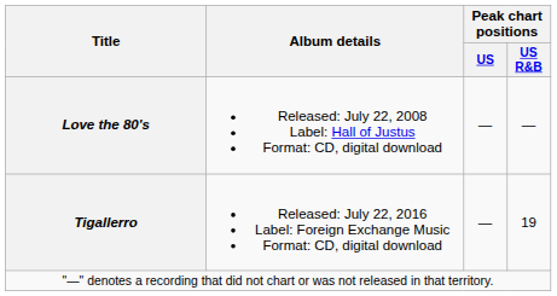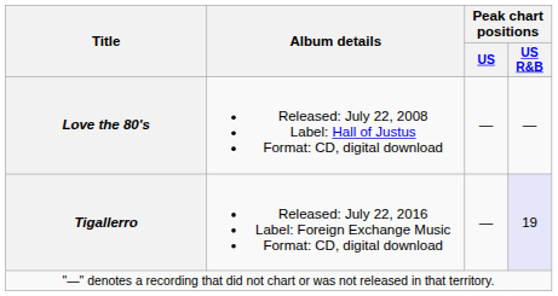 <table class="wikitable plainrowheaders" style="text-align:center;">
 <tr>
 <th scope="col" rowspan="2" style="width:14em;">Title</th>
 <th scope="col" rowspan="2" style="width:18em;">Album details</th>
 <th scope="col" colspan="2" style="width:5em;">Peak chart positions</th>
 </tr>
 <tr>
 <th scope="col" style="width:3em;font-size:90%;"><a href='#'>US</a><br></th>
 <th scope="col" style="width:3em;font-size:90%;"><a href='#'>US<br>R&B</a><br></th>
 </tr>
 <tr>
 <th scope="row"><em>Love the 80's</em><br></th>
 <td><br><ul><li>Released: July 22, 2008</li><li>Label: <a href='#'>Hall of Justus</a></li><li>Format: CD, digital download</li></ul></td>
 <td>—</td>
 <td>—</td>
 </tr>
 <tr>
 <th scope="row"><em>Tigallerro</em><br></th>
 <td><br><ul><li>Released: July 22, 2016</li><li>Label: Foreign Exchange Music</li><li>Format: CD, digital download</li></ul></td>
 <td>—</td>
-<td>19</td>
+<td style="background: lavender;">19</td>
 </tr>
 <tr>
 <td colspan="14" style="font-size:90%">"—" denotes a recording that did not chart or was not released in that territory.</td>
 </tr>
 </table>
